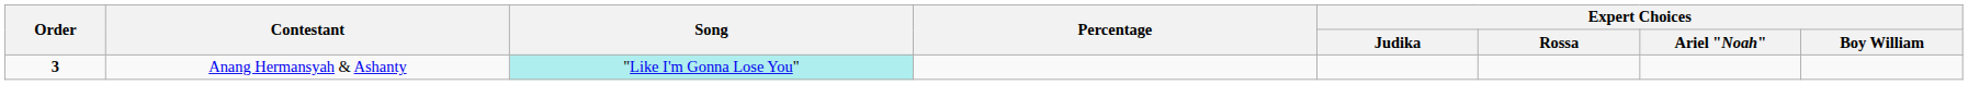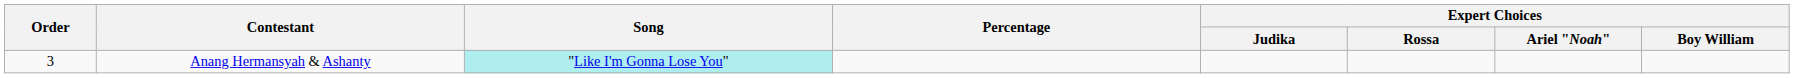 <table class="wikitable" style="text-align:center; width:100%;">
 <tr>
 <th scope="col" rowspan="2" style="width:05%;">Order</th>
 <th scope="col" rowspan="2" style="width:20%;">Contestant</th>
 <th scope="col" rowspan="2" style="width:20%;">Song</th>
 <th scope="col" rowspan="2" style="width:20%;">Percentage</th>
 <th scope="col" colspan="4" style="width:32%;">Expert Choices</th>
 </tr>
 <tr>
 <th style="width:08%;">Judika</th>
 <th style="width:08%;">Rossa</th>
 <th style="width:08%;">Ariel "<em>Noah</em>"</th>
 <th style="width:08%;">Boy William</th>
 </tr>
 <tr>
-<td><strong>3</strong></td>
+<td>3</td>
 <td><a href='#'>Anang Hermansyah</a> & <a href='#'>Ashanty</a></td>
 <td style="background: paleturquoise;">"<a href='#'>Like I'm Gonna Lose You</a>"</td>
 <td></td>
 <td></td>
 <td></td>
 <td></td>
 <td></td>
 </tr>
 </table>
